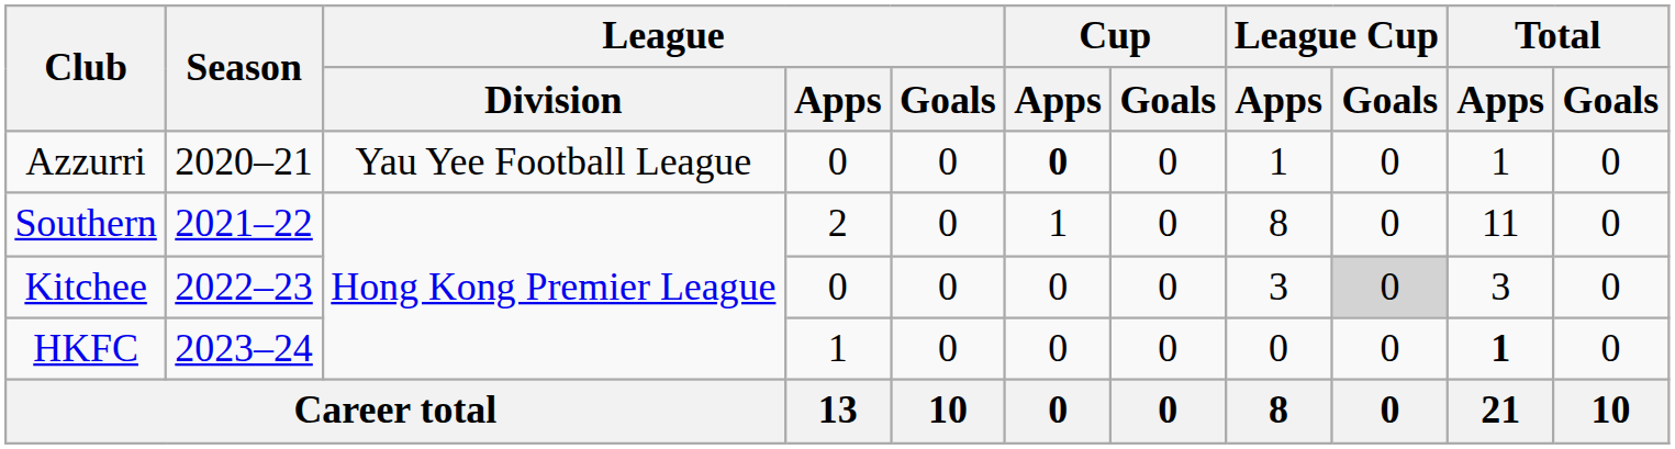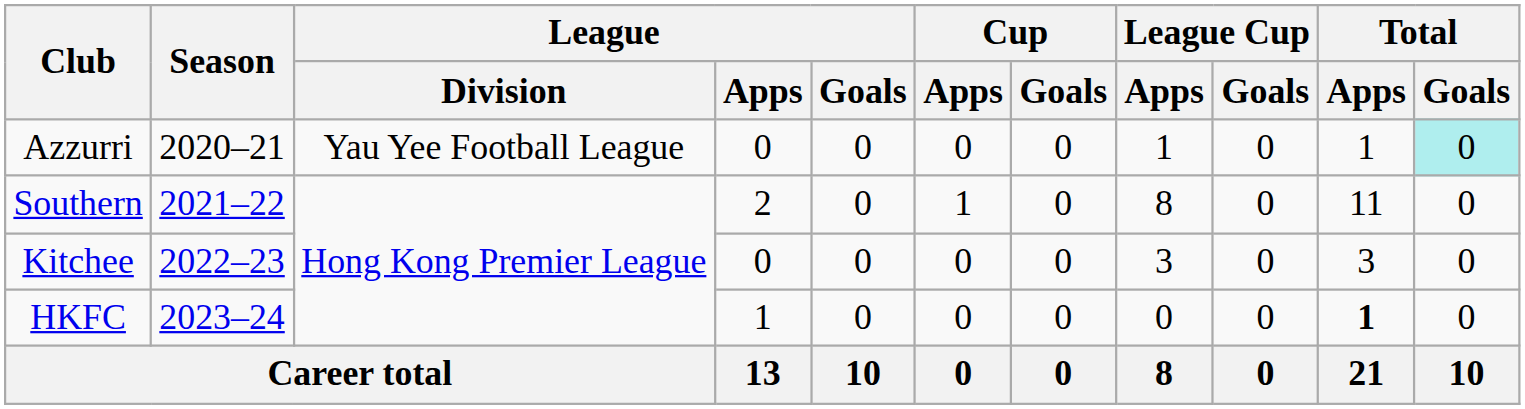 <table class="wikitable" style="text-align: center">
 <tr>
 <th rowspan="2">Club</th>
 <th rowspan="2">Season</th>
 <th colspan="3">League</th>
 <th colspan="2">Cup</th>
 <th colspan="2">League Cup</th>
 <th colspan="2">Total</th>
 </tr>
 <tr>
 <th>Division</th>
 <th>Apps</th>
 <th>Goals</th>
 <th>Apps</th>
 <th>Goals</th>
 <th>Apps</th>
 <th>Goals</th>
 <th>Apps</th>
 <th>Goals</th>
 </tr>
 <tr>
 <td>Azzurri</td>
 <td>2020–21</td>
 <td>Yau Yee Football League</td>
 <td>0</td>
 <td>0</td>
-<td><strong>0</strong></td>
+<td>0</td>
 <td>0</td>
 <td>1</td>
 <td>0</td>
 <td>1</td>
-<td>0</td>
+<td style="background: paleturquoise;">0</td>
 </tr>
 <tr>
 <td><a href='#'>Southern</a></td>
 <td><a href='#'>2021–22</a></td>
 <td rowspan="3"><a href='#'>Hong Kong Premier League</a></td>
 <td>2</td>
 <td>0</td>
 <td>1</td>
 <td>0</td>
 <td>8</td>
 <td>0</td>
 <td>11</td>
 <td>0</td>
 </tr>
 <tr>
 <td><a href='#'>Kitchee</a></td>
 <td><a href='#'>2022–23</a></td>
 <td>0</td>
 <td>0</td>
 <td>0</td>
 <td>0</td>
 <td>3</td>
-<td style="background: lightgrey;">0</td>
+<td>0</td>
 <td>3</td>
 <td>0</td>
 </tr>
 <tr>
 <td><a href='#'>HKFC</a></td>
 <td><a href='#'>2023–24</a></td>
 <td>1</td>
 <td>0</td>
 <td>0</td>
 <td>0</td>
 <td>0</td>
 <td>0</td>
 <td><strong>1</strong></td>
 <td>0</td>
 </tr>
 <tr>
 <th colspan="3">Career total</th>
 <th>13</th>
 <th>10</th>
 <th>0</th>
 <th>0</th>
 <th>8</th>
 <th>0</th>
 <th>21</th>
 <th>10</th>
 </tr>
 </table>
